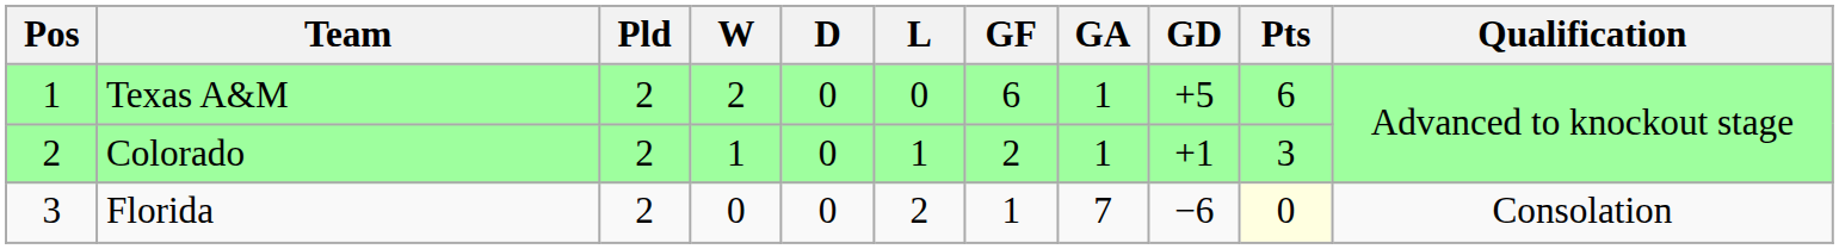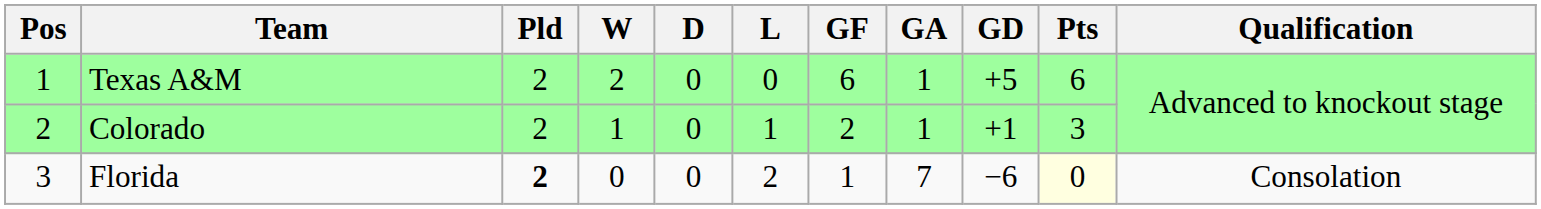 <table class="wikitable" style="text-align:center; margin: 1em auto">
 <tr>
 <th style="width:2em">Pos</th>
 <th style="width:13em">Team</th>
 <th style="width:2em">Pld</th>
 <th style="width:2em">W</th>
 <th style="width:2em">D</th>
 <th style="width:2em">L</th>
 <th style="width:2em">GF</th>
 <th style="width:2em">GA</th>
 <th style="width:2em">GD</th>
 <th style="width:2em">Pts</th>
 <th style="width:13em">Qualification</th>
 </tr>
 <tr bgcolor="#9eff9e">
 <td>1</td>
 <td style="text-align:left">Texas A&M</td>
 <td>2</td>
 <td>2</td>
 <td>0</td>
 <td>0</td>
 <td>6</td>
 <td>1</td>
 <td>+5</td>
 <td>6</td>
 <td rowspan="2">Advanced to knockout stage</td>
 </tr>
 <tr bgcolor="#9eff9e">
 <td>2</td>
 <td style="text-align:left">Colorado</td>
 <td>2</td>
 <td>1</td>
 <td>0</td>
 <td>1</td>
 <td>2</td>
 <td>1</td>
 <td>+1</td>
 <td>3</td>
 </tr>
 <tr>
 <td>3</td>
 <td style="text-align:left">Florida</td>
-<td>2</td>
+<td><strong>2</strong></td>
 <td>0</td>
 <td>0</td>
 <td>2</td>
 <td>1</td>
 <td>7</td>
 <td>−6</td>
 <td style="background: lightyellow;">0</td>
 <td>Consolation</td>
 </tr>
 </table>
